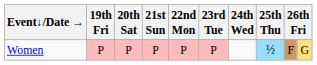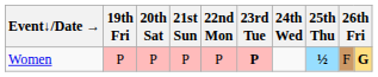 <table class="wikitable" style="margin:0.5em auto; font-size:90%; line-height:1.25em; text-align:center;">
 <tr>
 <th>Event↓/Date →</th>
 <th>19th<br>Fri</th>
 <th>20th<br>Sat</th>
 <th>21st<br>Sun</th>
 <th>22nd<br>Mon</th>
 <th>23rd<br>Tue</th>
 <th>24th<br>Wed</th>
 <th>25th<br>Thu</th>
 <th colspan=2>26th<br>Fri</th>
 </tr>
 <tr>
 <td style="text-align:left;"><a href='#'>Women</a></td>
 <td bgcolor="#FFBBBB">P</td>
 <td bgcolor="#FFBBBB">P</td>
 <td bgcolor="#FFBBBB">P</td>
 <td bgcolor="#FFBBBB">P</td>
-<td bgcolor="#FFBBBB">P</td>
+<td bgcolor="#FFBBBB"><strong>P</strong></td>
 <td></td>
-<td bgcolor="#97DEFF">½</td>
+<td bgcolor="#97DEFF"><strong>½</strong></td>
 <td bgcolor="#CC9966">F</td>
-<td bgcolor="#FFDF80">G</td>
+<td bgcolor="#FFDF80"><strong>G</strong></td>
 </tr>
 </table>
